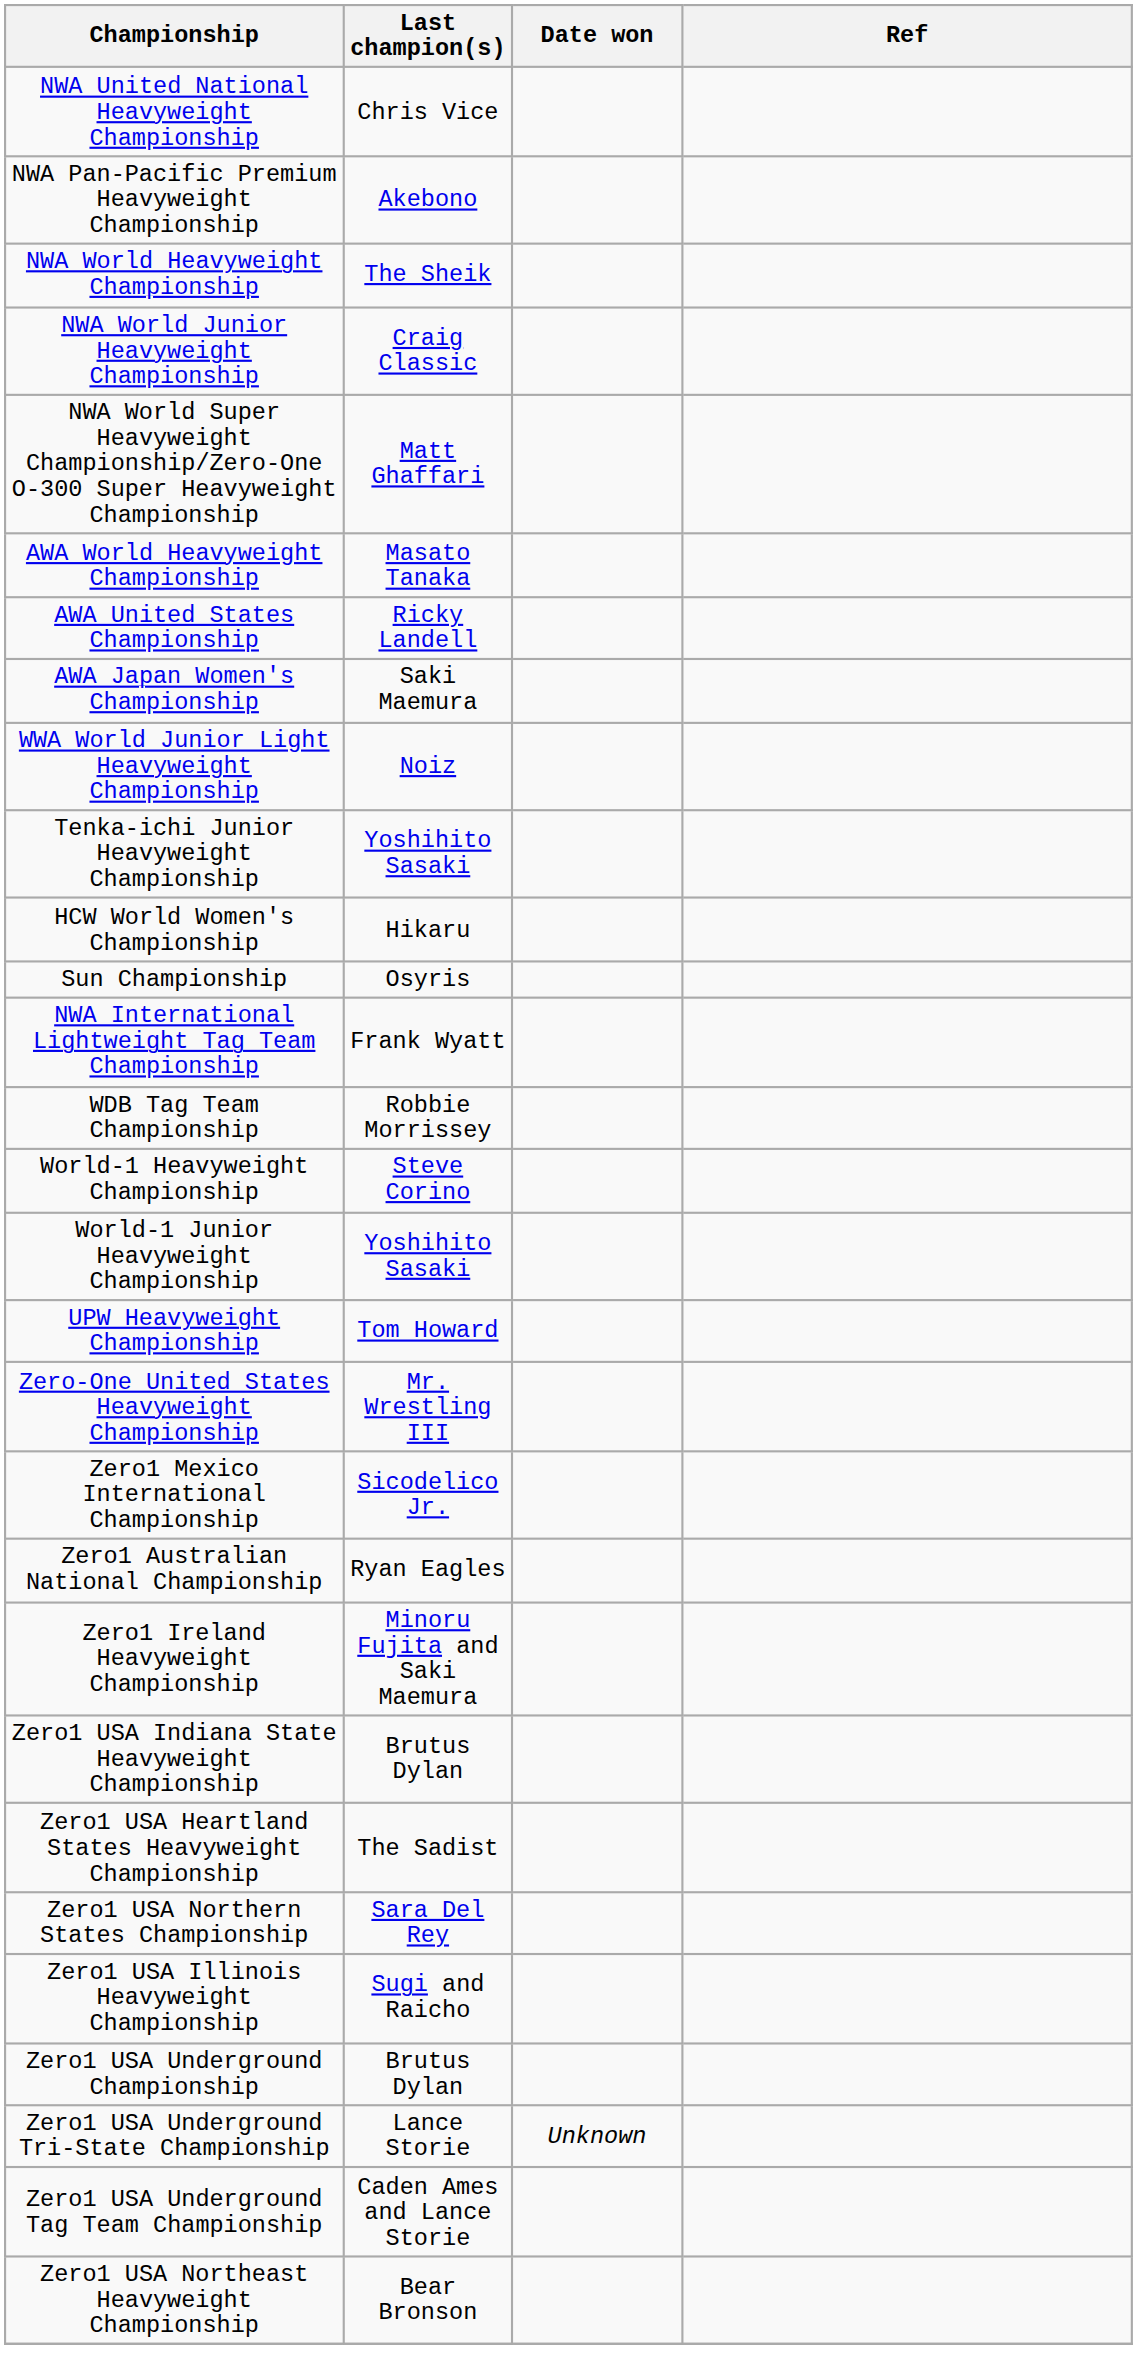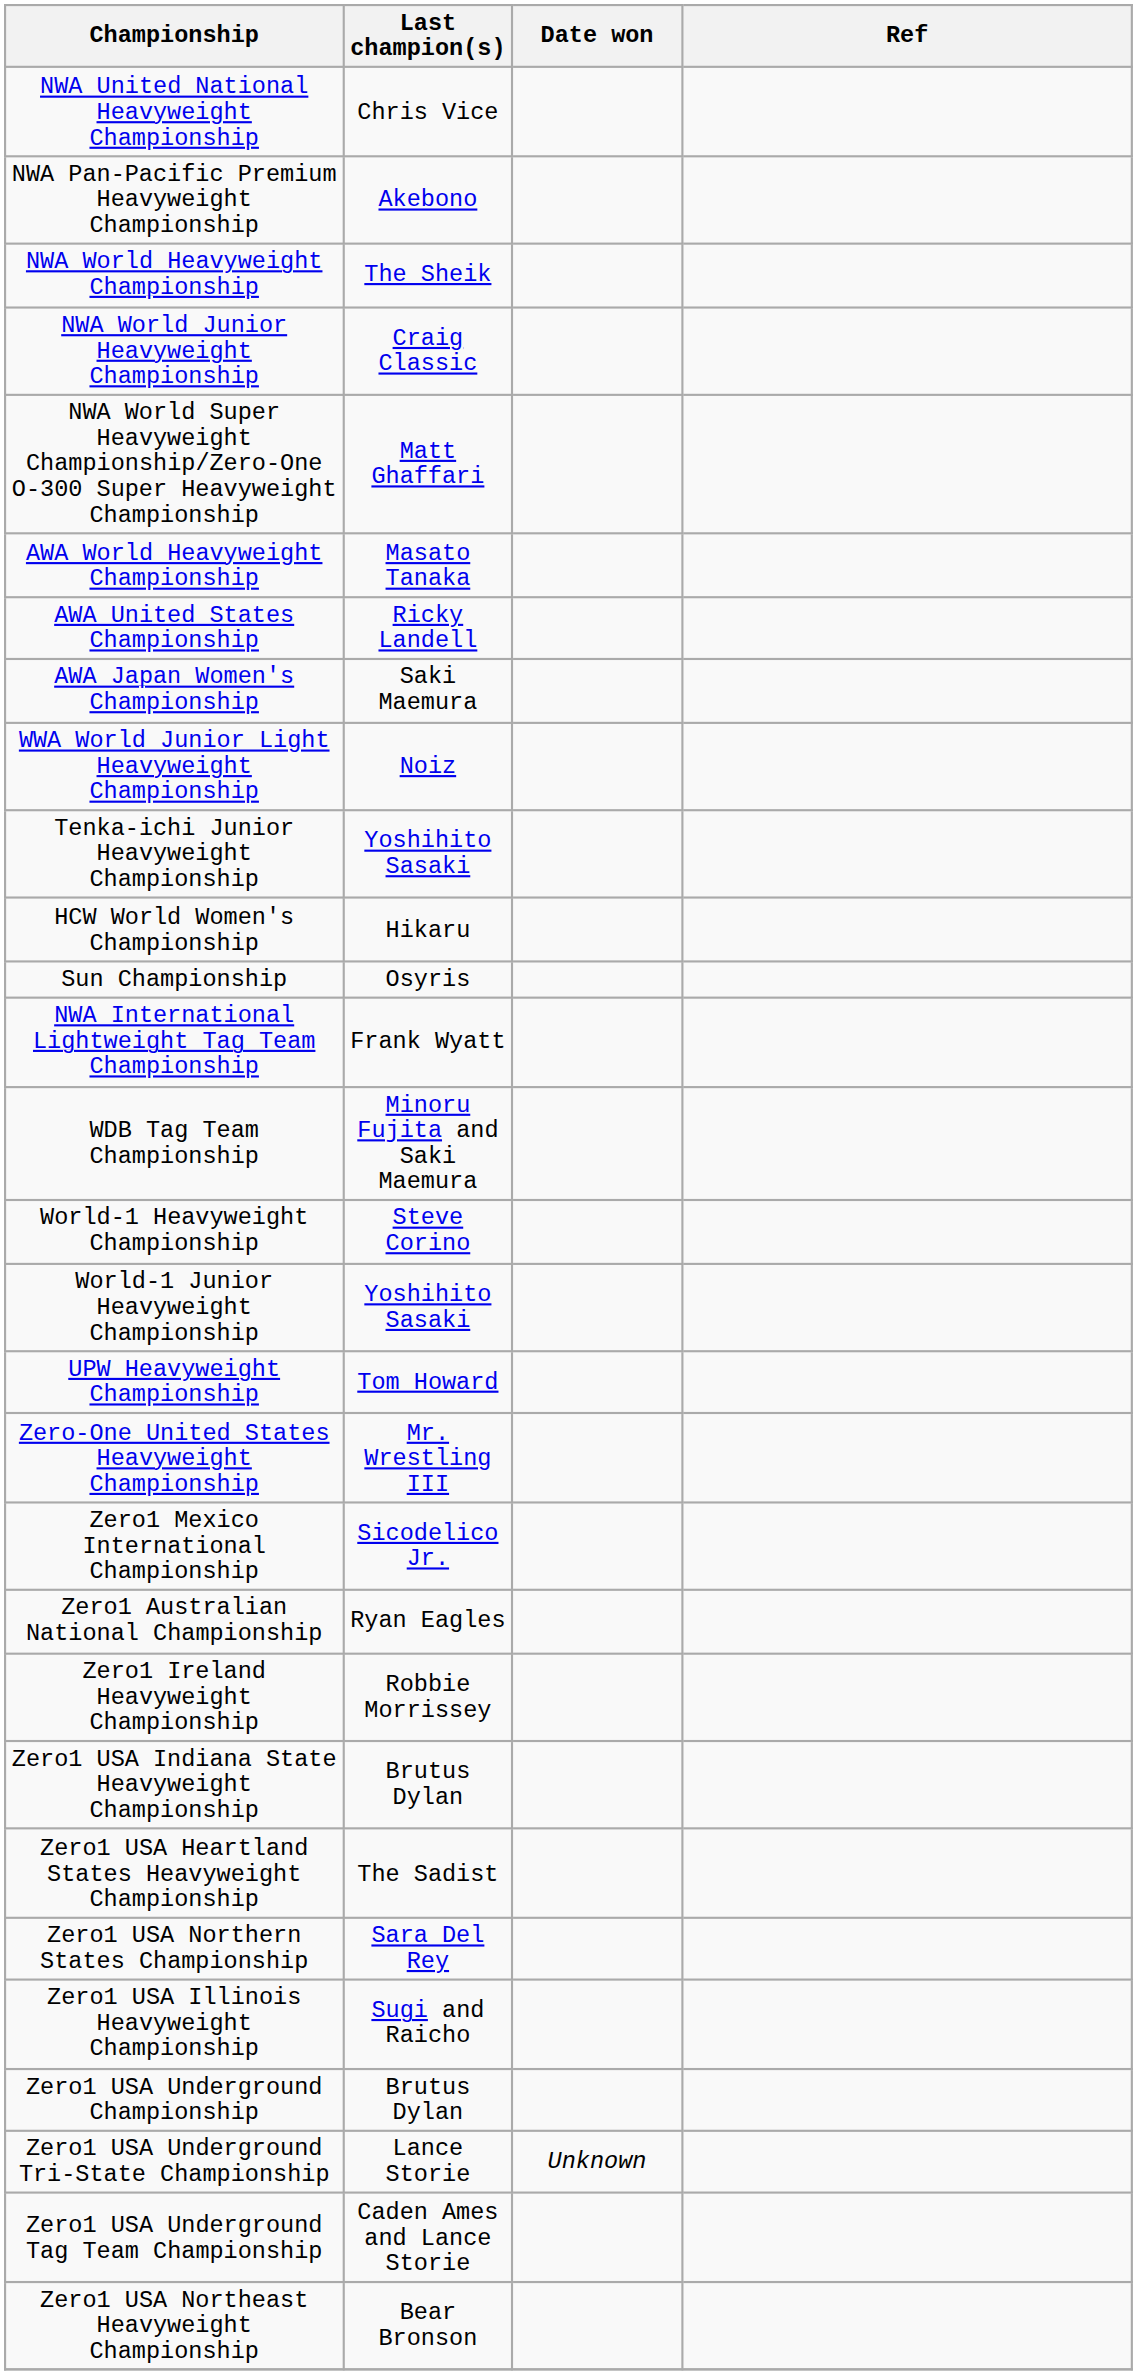 <table class="wikitable" width=60% style="text-align:center; font-size:85%;">
 <tr>
 <th style="width: 30%">Championship</th>
 <th style="width: 15%">Last champion(s)</th>
 <th style="width: 15%">Date won</th>
 <th style="width: 40%">Ref</th>
 </tr>
 <tr>
 <td><a href='#'>NWA United National Heavyweight Championship</a></td>
 <td>Chris Vice</td>
 <td></td>
 <td></td>
 </tr>
 <tr>
 <td style="text-align:center">NWA Pan-Pacific Premium Heavyweight Championship</td>
 <td><a href='#'>Akebono</a></td>
 <td></td>
 <td></td>
 </tr>
 <tr>
 <td style="text-align:center"><a href='#'>NWA World Heavyweight Championship</a></td>
 <td><a href='#'>The Sheik</a></td>
 <td></td>
 <td></td>
 </tr>
 <tr>
 <td style="text-align:center"><a href='#'>NWA World Junior Heavyweight Championship</a></td>
 <td><a href='#'>Craig Classic</a></td>
 <td></td>
 <td></td>
 </tr>
 <tr>
 <td style="text-align:center">NWA World Super Heavyweight Championship/Zero-One O-300 Super Heavyweight Championship</td>
 <td><a href='#'>Matt Ghaffari</a></td>
 <td></td>
 <td></td>
 </tr>
 <tr>
 <td style="text-align:center"><a href='#'>AWA World Heavyweight Championship</a></td>
 <td><a href='#'>Masato Tanaka</a></td>
 <td></td>
 <td></td>
 </tr>
 <tr>
 <td style="text-align:center"><a href='#'>AWA United States Championship</a></td>
 <td><a href='#'>Ricky Landell</a></td>
 <td></td>
 <td></td>
 </tr>
 <tr>
 <td style="text-align:center"><a href='#'>AWA Japan Women's Championship</a></td>
 <td>Saki Maemura</td>
 <td></td>
 <td></td>
 </tr>
 <tr>
 <td style="text-align:center"><a href='#'>WWA World Junior Light Heavyweight Championship</a></td>
 <td><a href='#'>Noiz</a></td>
 <td></td>
 <td></td>
 </tr>
 <tr>
 <td style="text-align:center">Tenka-ichi Junior Heavyweight Championship</td>
 <td><a href='#'>Yoshihito Sasaki</a></td>
 <td></td>
 <td></td>
 </tr>
 <tr>
 <td style="text-align:center">HCW World Women's Championship</td>
 <td>Hikaru</td>
 <td></td>
 <td></td>
 </tr>
 <tr>
 <td style="text-align:center">Sun Championship</td>
 <td>Osyris</td>
 <td></td>
 <td></td>
 </tr>
 <tr>
 <td><a href='#'>NWA International Lightweight Tag Team Championship</a></td>
 <td>Frank Wyatt</td>
 <td></td>
 <td></td>
 </tr>
 <tr>
 <td style="text-align:center">WDB Tag Team Championship</td>
-<td>Robbie Morrissey</td>
+<td><a href='#'>Minoru Fujita</a> and Saki Maemura</td>
 <td></td>
 <td></td>
 </tr>
 <tr>
 <td style="text-align:center">World-1 Heavyweight Championship</td>
 <td><a href='#'>Steve Corino</a></td>
 <td></td>
 <td></td>
 </tr>
 <tr>
 <td style="text-align:center">World-1 Junior Heavyweight Championship</td>
 <td><a href='#'>Yoshihito Sasaki</a></td>
 <td></td>
 <td></td>
 </tr>
 <tr>
 <td style="text-align:center"><a href='#'>UPW Heavyweight Championship</a></td>
 <td><a href='#'>Tom Howard</a></td>
 <td></td>
 <td></td>
 </tr>
 <tr>
 <td style="text-align:center"><a href='#'>Zero-One United States Heavyweight Championship</a></td>
 <td><a href='#'>Mr. Wrestling III</a></td>
 <td></td>
 <td></td>
 </tr>
 <tr>
 <td style="text-align:center">Zero1 Mexico International Championship</td>
 <td><a href='#'>Sicodelico Jr.</a></td>
 <td></td>
 <td></td>
 </tr>
 <tr>
 <td style="text-align:center">Zero1 Australian National Championship</td>
 <td>Ryan Eagles</td>
 <td></td>
 <td></td>
 </tr>
 <tr>
 <td style="text-align:center">Zero1 Ireland Heavyweight Championship</td>
-<td><a href='#'>Minoru Fujita</a> and Saki Maemura</td>
+<td>Robbie Morrissey</td>
 <td></td>
 <td></td>
 </tr>
 <tr>
 <td style="text-align:center">Zero1 USA Indiana State Heavyweight Championship</td>
 <td>Brutus Dylan</td>
 <td></td>
 <td></td>
 </tr>
 <tr>
 <td style="text-align:center">Zero1 USA Heartland States Heavyweight Championship</td>
 <td>The Sadist</td>
 <td></td>
 <td></td>
 </tr>
 <tr>
 <td style="text-align:center">Zero1 USA Northern States Championship</td>
 <td><a href='#'>Sara Del Rey</a></td>
 <td></td>
 <td></td>
 </tr>
 <tr>
 <td style="text-align:center">Zero1 USA Illinois Heavyweight Championship</td>
 <td><a href='#'>Sugi</a> and Raicho</td>
 <td></td>
 <td></td>
 </tr>
 <tr>
 <td style="text-align:center">Zero1 USA Underground Championship</td>
 <td>Brutus Dylan</td>
 <td></td>
 <td></td>
 </tr>
 <tr>
 <td style="text-align:center">Zero1 USA Underground Tri-State Championship</td>
 <td>Lance Storie</td>
 <td><em>Unknown</em></td>
 <td></td>
 </tr>
 <tr>
 <td style="text-align:center">Zero1 USA Underground Tag Team Championship</td>
 <td>Caden Ames and Lance Storie</td>
 <td></td>
 <td></td>
 </tr>
 <tr>
 <td style="text-align:center">Zero1 USA Northeast Heavyweight Championship</td>
 <td>Bear Bronson</td>
 <td></td>
 <td></td>
 </tr>
 <tr>
 </tr>
 </table>
